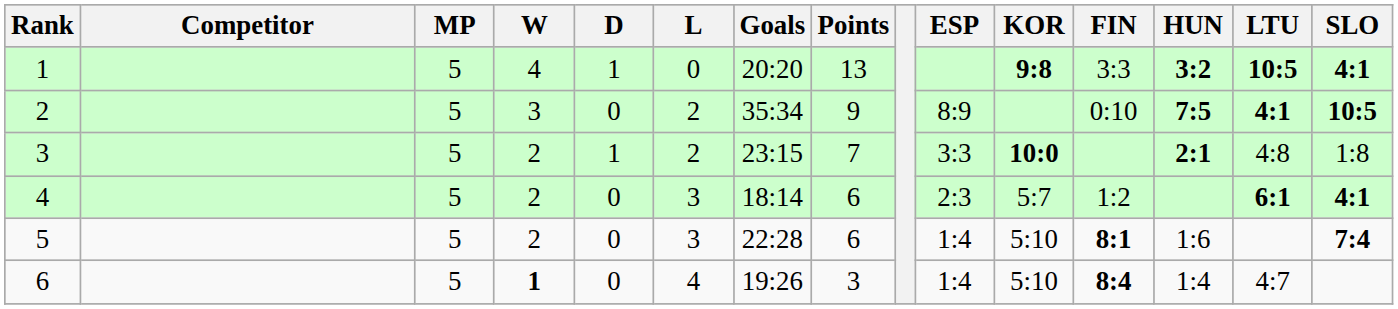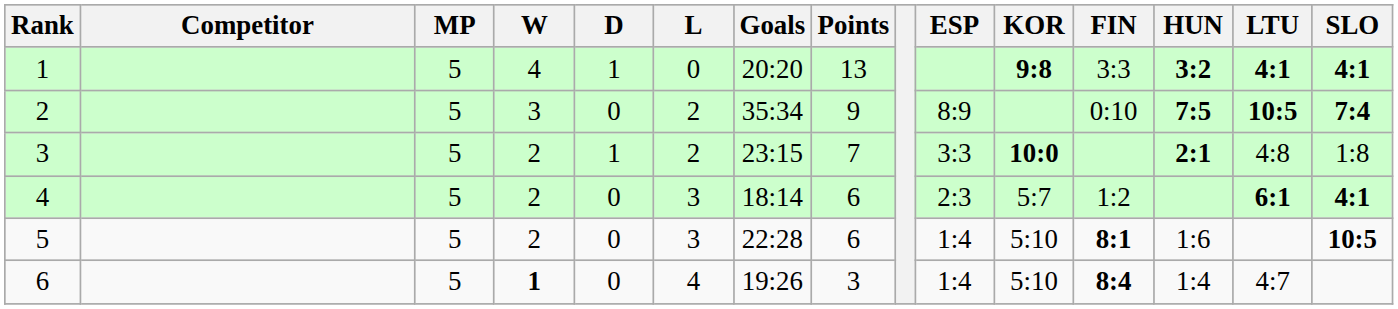 <table class="wikitable" style="text-align:center">
 <tr>
 <th>Rank</th>
 <th style="width:12em">Competitor</th>
 <th style="width:2.5em">MP</th>
 <th style="width:2.5em">W</th>
 <th style="width:2.5em">D</th>
 <th style="width:2.5em">L</th>
 <th>Goals</th>
 <th>Points</th>
 <th rowspan="7"> </th>
 <th style="width:2.5em">ESP</th>
 <th style="width:2.5em">KOR</th>
 <th style="width:2.5em">FIN</th>
 <th style="width:2.5em">HUN</th>
 <th style="width:2.5em">LTU</th>
 <th style="width:2.5em">SLO</th>
 </tr>
 <tr style="background:#cfc;">
 <td>1</td>
 <td style="text-align:left"></td>
 <td>5</td>
 <td>4</td>
 <td>1</td>
 <td>0</td>
 <td>20:20</td>
 <td>13</td>
 <td></td>
 <td><strong>9:8</strong></td>
 <td>3:3</td>
 <td><strong>3:2</strong></td>
-<td><strong>10:5</strong></td>
+<td><strong>4:1</strong></td>
 <td><strong>4:1</strong></td>
 </tr>
 <tr style="background:#cfc;">
 <td>2</td>
 <td style="text-align:left"></td>
 <td>5</td>
 <td>3</td>
 <td>0</td>
 <td>2</td>
 <td>35:34</td>
 <td>9</td>
 <td>8:9</td>
 <td></td>
 <td>0:10</td>
 <td><strong>7:5</strong></td>
-<td><strong>4:1</strong></td>
 <td><strong>10:5</strong></td>
+<td><strong>7:4</strong></td>
 </tr>
 <tr style="background:#cfc;">
 <td>3</td>
 <td style="text-align:left"></td>
 <td>5</td>
 <td>2</td>
 <td>1</td>
 <td>2</td>
 <td>23:15</td>
 <td>7</td>
 <td>3:3</td>
 <td><strong>10:0</strong></td>
 <td></td>
 <td><strong>2:1</strong></td>
 <td>4:8</td>
 <td>1:8</td>
 </tr>
 <tr style="background:#cfc;">
 <td>4</td>
 <td style="text-align:left"></td>
 <td>5</td>
 <td>2</td>
 <td>0</td>
 <td>3</td>
 <td>18:14</td>
 <td>6</td>
 <td>2:3</td>
 <td>5:7</td>
 <td>1:2</td>
 <td></td>
 <td><strong>6:1</strong></td>
 <td><strong>4:1</strong></td>
 </tr>
 <tr>
 <td>5</td>
 <td style="text-align:left"></td>
 <td>5</td>
 <td>2</td>
 <td>0</td>
 <td>3</td>
 <td>22:28</td>
 <td>6</td>
 <td>1:4</td>
 <td>5:10</td>
 <td><strong>8:1</strong></td>
 <td>1:6</td>
 <td></td>
-<td><strong>7:4</strong></td>
+<td><strong>10:5</strong></td>
 </tr>
 <tr>
 <td>6</td>
 <td style="text-align:left"></td>
 <td>5</td>
 <td><strong>1</strong></td>
 <td>0</td>
 <td>4</td>
 <td>19:26</td>
 <td>3</td>
 <td>1:4</td>
 <td>5:10</td>
 <td><strong>8:4</strong></td>
 <td>1:4</td>
 <td>4:7</td>
 <td></td>
 </tr>
 </table>
